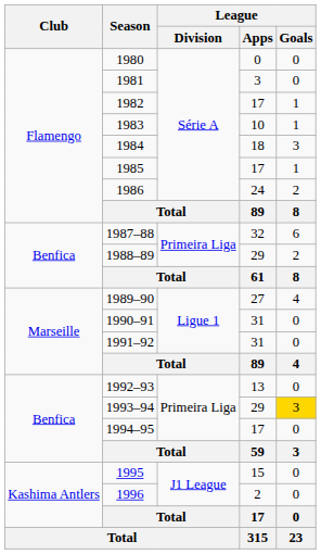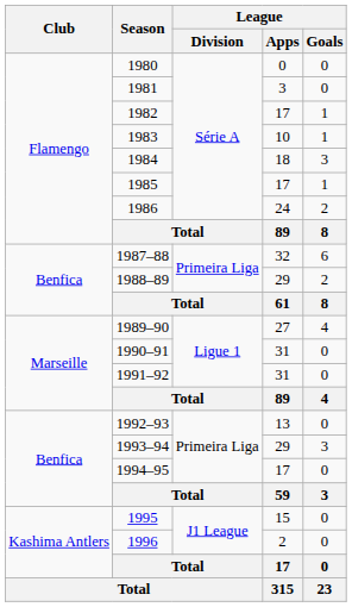 <table class="wikitable" style="text-align:center">
 <tr>
 <th rowspan="2">Club</th>
 <th rowspan="2">Season</th>
 <th colspan="3">League</th>
 </tr>
 <tr>
 <th>Division</th>
 <th>Apps</th>
 <th>Goals</th>
 </tr>
 <tr>
 <td rowspan="8"><a href='#'>Flamengo</a></td>
 <td>1980</td>
 <td rowspan="7"><a href='#'>Série A</a></td>
 <td>0</td>
 <td>0</td>
 </tr>
 <tr>
 <td>1981</td>
 <td>3</td>
 <td>0</td>
 </tr>
 <tr>
 <td>1982</td>
 <td>17</td>
 <td>1</td>
 </tr>
 <tr>
 <td>1983</td>
 <td>10</td>
 <td>1</td>
 </tr>
 <tr>
 <td>1984</td>
 <td>18</td>
 <td>3</td>
 </tr>
 <tr>
 <td>1985</td>
 <td>17</td>
 <td>1</td>
 </tr>
 <tr>
 <td>1986</td>
 <td>24</td>
 <td>2</td>
 </tr>
 <tr>
 <th colspan="2">Total</th>
 <th>89</th>
 <th>8</th>
 </tr>
 <tr>
 <td rowspan="3"><a href='#'>Benfica</a></td>
 <td>1987–88</td>
 <td rowspan="2"><a href='#'>Primeira Liga</a></td>
 <td>32</td>
 <td>6</td>
 </tr>
 <tr>
 <td>1988–89</td>
 <td>29</td>
 <td>2</td>
 </tr>
 <tr>
 <th colspan="2">Total</th>
 <th>61</th>
 <th>8</th>
 </tr>
 <tr>
 <td rowspan="4"><a href='#'>Marseille</a></td>
 <td>1989–90</td>
 <td rowspan="3"><a href='#'>Ligue 1</a></td>
 <td>27</td>
 <td>4</td>
 </tr>
 <tr>
 <td>1990–91</td>
 <td>31</td>
 <td>0</td>
 </tr>
 <tr>
 <td>1991–92</td>
 <td>31</td>
 <td>0</td>
 </tr>
 <tr>
 <th colspan="2">Total</th>
 <th>89</th>
 <th>4</th>
 </tr>
 <tr>
 <td rowspan="4"><a href='#'>Benfica</a></td>
 <td>1992–93</td>
 <td rowspan="3">Primeira Liga</td>
 <td>13</td>
 <td>0</td>
 </tr>
 <tr>
 <td>1993–94</td>
 <td>29</td>
-<td style="background: gold;">3</td>
+<td>3</td>
 </tr>
 <tr>
 <td>1994–95</td>
 <td>17</td>
 <td>0</td>
 </tr>
 <tr>
 <th colspan="2">Total</th>
 <th>59</th>
 <th>3</th>
 </tr>
 <tr>
 <td rowspan="3"><a href='#'>Kashima Antlers</a></td>
 <td><a href='#'>1995</a></td>
 <td rowspan="2"><a href='#'>J1 League</a></td>
 <td>15</td>
 <td>0</td>
 </tr>
 <tr>
 <td><a href='#'>1996</a></td>
 <td>2</td>
 <td>0</td>
 </tr>
 <tr>
 <th colspan="2">Total</th>
 <th>17</th>
 <th>0</th>
 </tr>
 <tr>
 <th colspan=3>Total</th>
 <th>315</th>
 <th>23</th>
 </tr>
 </table>
